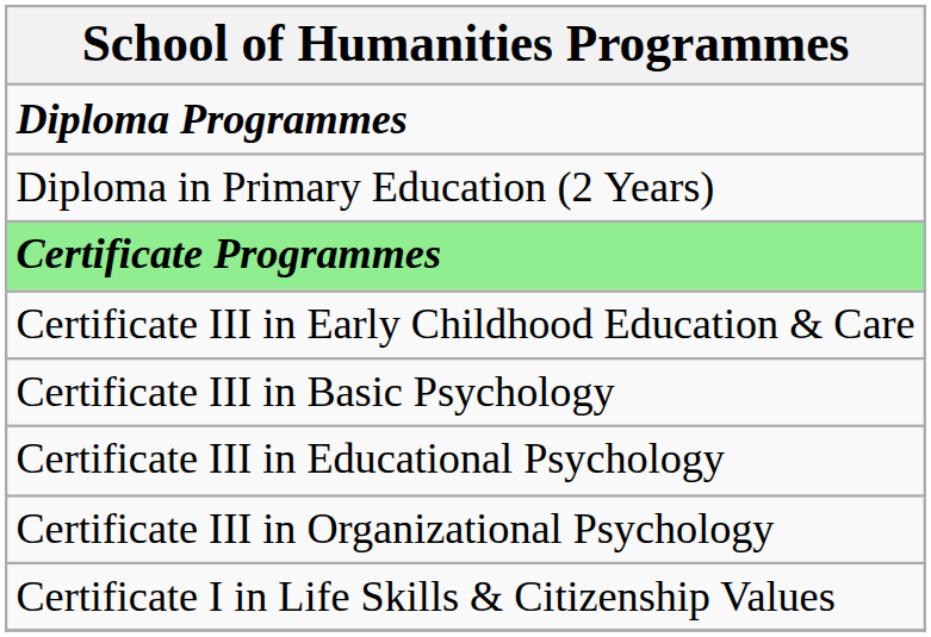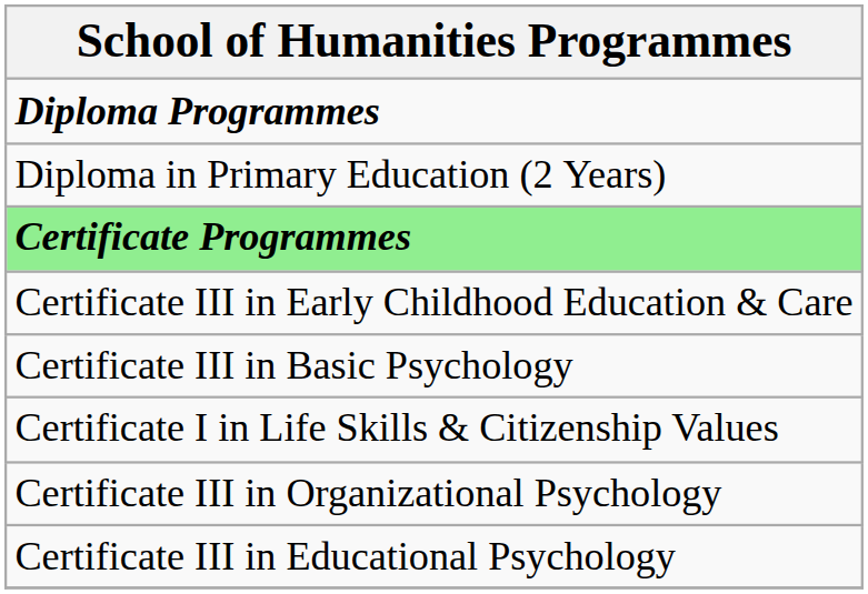 <table class="wikitable">
 <tr>
 <th><strong><big>School of Humanities Programmes</big></strong></th>
 </tr>
 <tr>
 <td><strong><em>Diploma Programmes</em></strong></td>
 </tr>
 <tr>
 <td>Diploma in Primary Education (2 Years)</td>
 </tr>
 <tr>
 <td style="background: lightgreen;"><strong><em>Certificate Programmes</em></strong></td>
 </tr>
 <tr>
 <td>Certificate III in Early Childhood Education & Care</td>
 </tr>
 <tr>
 <td>Certificate III in Basic Psychology</td>
 </tr>
 <tr>
-<td>Certificate III in Educational Psychology</td>
+<td>Certificate I in Life Skills & Citizenship Values</td>
 </tr>
 <tr>
 <td>Certificate III in Organizational Psychology</td>
 </tr>
 <tr>
-<td>Certificate I in Life Skills & Citizenship Values</td>
+<td>Certificate III in Educational Psychology</td>
 </tr>
 <tr>
 </tr>
 </table>
